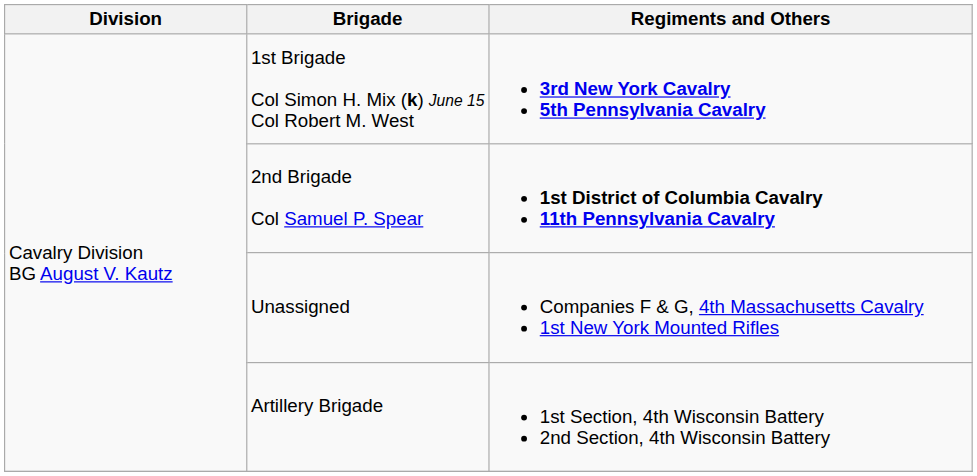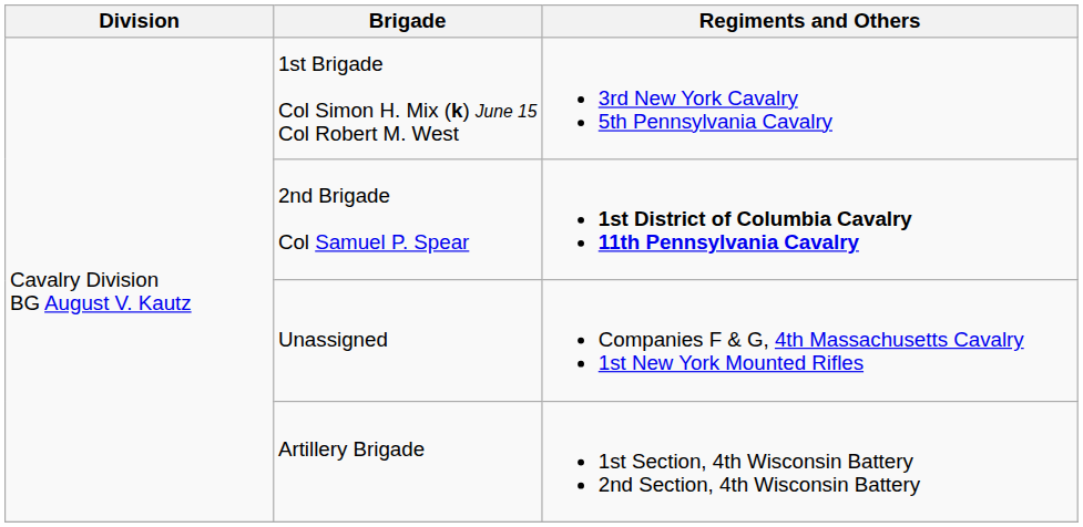 <table class="wikitable">
 <tr>
 <th width=25%>Division</th>
 <th width=25%>Brigade</th>
 <th>Regiments and Others</th>
 </tr>
 <tr>
 <td rowspan=4><br>Cavalry Division <br> BG <a href='#'>August V. Kautz</a></td>
 <td>1st Brigade<br><br> Col Simon H. Mix (<strong>k</strong>) <small><em>June 15</em></small><br> Col Robert M. West</td>
-<td><strong><br><ul><li><a href='#'>3rd New York Cavalry</a></li><li><a href='#'>5th Pennsylvania Cavalry</a></li></ul></strong></td>
+<td><br><ul><li><a href='#'>3rd New York Cavalry</a></li><li><a href='#'>5th Pennsylvania Cavalry</a></li></ul></td>
 </tr>
 <tr>
 <td>2nd Brigade<br><br> Col <a href='#'>Samuel P. Spear</a></td>
 <td><strong><br><ul><li>1st District of Columbia Cavalry</li><li><a href='#'>11th Pennsylvania Cavalry</a></li></ul></strong></td>
 </tr>
 <tr>
 <td>Unassigned</td>
 <td><br><ul><li>Companies F & G, <a href='#'>4th Massachusetts Cavalry</a></li><li><a href='#'>1st New York Mounted Rifles</a></li></ul></td>
 </tr>
 <tr>
 <td>Artillery Brigade<br><br></td>
 <td><br><ul><li>1st Section, 4th Wisconsin Battery</li><li>2nd Section, 4th Wisconsin Battery</li></ul></td>
 </tr>
 <tr>
 </tr>
 </table>
